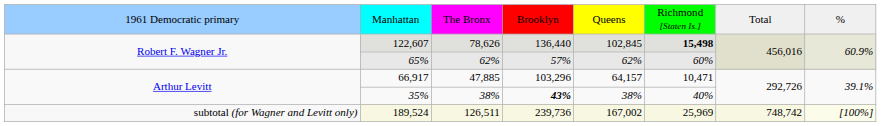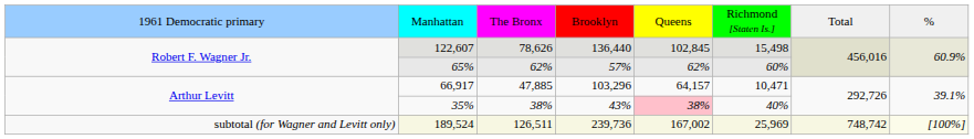 <table class="wikitable" style="width:100%; text-align:right;">
 <tr style="text-align:center;">
 <td style="width:40%; background:#9cf;">1961 Democratic primary</td>
 <td style="width:8%; background:aqua;">Manhattan</td>
 <td style="width:8%; background:magenta;">The Bronx</td>
 <td style="width:8%; background:red;">Brooklyn</td>
 <td style="width:8%; background:yellow;">Queens</td>
 <td style="width:8%; background:lime;">Richmond <small><em>[Staten Is.]</em></small></td>
 <td style="width:10%; background:#f0f0f0;">Total</td>
 <td style="width:8%; background:#f0f0f0;">%</td>
 </tr>
 <tr style="background:#e0e0dd;">
 <td rowspan="2" style="background:#f8f8f8; text-align:center;"><a href='#'>Robert F. Wagner Jr.</a></td>
 <td>122,607</td>
 <td>78,626</td>
 <td>136,440</td>
 <td style="background:#e0e0dd;">102,845</td>
-<td><strong>15,498</strong></td>
+<td>15,498</td>
 <td rowspan="2" style="background:#e0e0cc;">456,016</td>
 <td rowspan="2" style="background:#e8e8d8;"><em>60.9%</em></td>
 </tr>
 <tr style="background:#e8e8e8;">
 <td><em>65%</em></td>
 <td><em>62%</em></td>
 <td><em>57%</em></td>
 <td><em>62%</em></td>
 <td><em>60%</em></td>
 </tr>
 <tr>
 <td rowspan="2" style="text-align:center;"><a href='#'>Arthur Levitt</a></td>
 <td>66,917</td>
 <td>47,885</td>
 <td>103,296</td>
 <td>64,157</td>
 <td>10,471</td>
 <td rowspan="2">292,726</td>
 <td rowspan="2"><em>39.1%</em></td>
 </tr>
 <tr>
 <td><em>35%</em></td>
 <td><em>38%</em></td>
-<td><strong><em>43%</em></strong></td>
-<td><em>38%</em></td>
+<td><em>43%</em></td>
+<td style="background: pink;"><em>38%</em></td>
 <td><em>40%</em></td>
 </tr>
 <tr style="background:#f7f7e2;">
 <td style="background:#f8f8f8;">subtotal <em>(for Wagner and Levitt only)</em></td>
 <td>189,524</td>
 <td>126,511</td>
 <td>239,736</td>
 <td>167,002</td>
 <td>25,969</td>
 <td>748,742</td>
 <td bgcolor=fcfcea><em>[100%]</em></td>
 </tr>
 </table>
